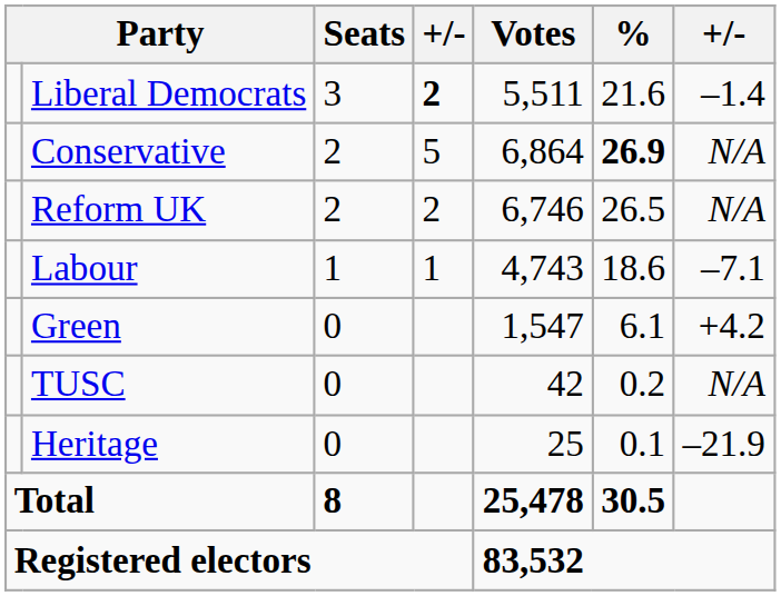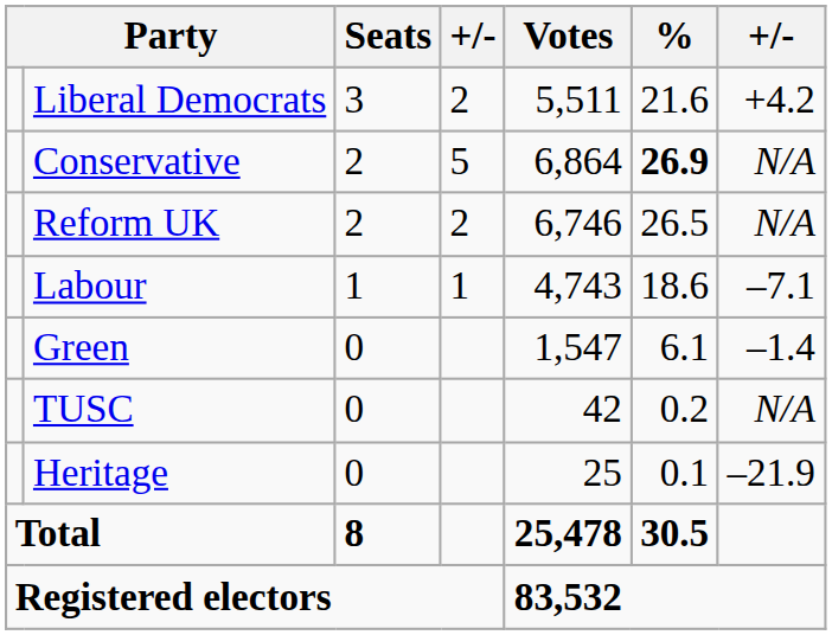 <table class="wikitable sortable">
 <tr>
 <th colspan="2">Party</th>
 <th>Seats</th>
 <th>+/-</th>
 <th>Votes</th>
 <th>%</th>
 <th>+/-</th>
 </tr>
 <tr>
 <td style="background-color: "></td>
 <td><a href='#'>Liberal Democrats</a></td>
 <td>3</td>
-<td><strong> 2</strong></td>
+<td> 2</td>
 <td style="text-align:right;">5,511</td>
 <td style="text-align:right;">21.6</td>
-<td style="text-align:right;">–1.4</td>
+<td style="text-align:right;">+4.2</td>
 </tr>
 <tr>
 <td style="background-color: "></td>
 <td><a href='#'>Conservative</a></td>
 <td>2</td>
 <td> 5</td>
 <td style="text-align:right;">6,864</td>
 <td style="text-align:right;"><strong>26.9</strong></td>
 <td style="text-align:right;"><em>N/A</em></td>
 </tr>
 <tr>
 <td style="background-color: "></td>
 <td><a href='#'>Reform UK</a></td>
 <td>2</td>
 <td> 2</td>
 <td style="text-align:right;">6,746</td>
 <td style="text-align:right;">26.5</td>
 <td style="text-align:right;"><em>N/A</em></td>
 </tr>
 <tr>
 <td style="background-color: "></td>
 <td><a href='#'>Labour</a></td>
 <td>1</td>
 <td> 1</td>
 <td style="text-align:right;">4,743</td>
 <td style="text-align:right;">18.6</td>
 <td style="text-align:right;">–7.1</td>
 </tr>
 <tr>
 <td style="background-color: "></td>
 <td><a href='#'>Green</a></td>
 <td>0</td>
 <td></td>
 <td style="text-align:right;">1,547</td>
 <td style="text-align:right;">6.1</td>
-<td style="text-align:right;">+4.2</td>
+<td style="text-align:right;">–1.4</td>
 </tr>
 <tr>
 <td style="background-color: "></td>
 <td><a href='#'>TUSC</a></td>
 <td>0</td>
 <td></td>
 <td style="text-align:right;">42</td>
 <td style="text-align:right;">0.2</td>
 <td style="text-align:right;"><em>N/A</em></td>
 </tr>
 <tr>
 <td style="background-color: "></td>
 <td><a href='#'>Heritage</a></td>
 <td>0</td>
 <td></td>
 <td style="text-align:right;">25</td>
 <td style="text-align:right;">0.1</td>
 <td style="text-align:right;">–21.9</td>
 </tr>
 <tr>
 <td colspan="2"><strong>Total</strong></td>
 <td><strong>8</strong></td>
 <td></td>
 <td style="text-align:right;"><strong>25,478</strong></td>
 <td style="text-align:right;"><strong>30.5</strong></td>
 <td style="text-align:right;"></td>
 </tr>
 <tr>
 <td colspan="4"><strong>Registered electors</strong></td>
 <td colspan="3" style="text-align:left;"><strong>83,532</strong></td>
 </tr>
 </table>
